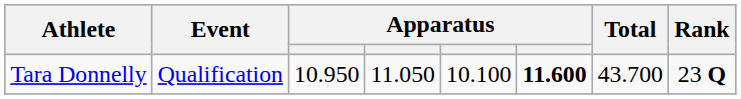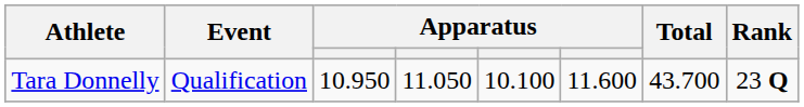 <table class="wikitable" style="font-size:90%">
 <tr>
 <th rowspan=2>Athlete</th>
 <th rowspan=2>Event</th>
 <th colspan=4>Apparatus</th>
 <th rowspan=2>Total</th>
 <th rowspan=2>Rank</th>
 </tr>
 <tr style="font-size:95%">
 <th></th>
 <th></th>
 <th></th>
 <th></th>
 </tr>
 <tr align=center>
 <td align=left><a href='#'>Tara Donnelly</a></td>
 <td align=left><a href='#'>Qualification</a></td>
 <td>10.950</td>
 <td>11.050</td>
 <td>10.100</td>
-<td><strong>11.600</strong></td>
+<td>11.600</td>
 <td>43.700</td>
 <td>23 <strong>Q</strong></td>
 </tr>
 </table>
